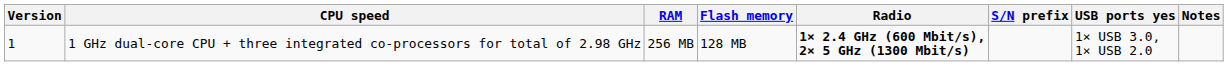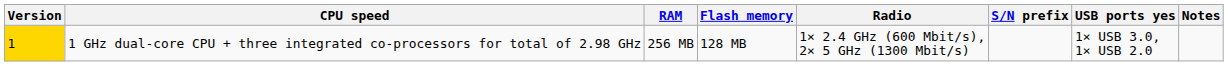 <table class="wikitable">
 <tr>
 <th>Version</th>
 <th>CPU speed</th>
 <th><a href='#'>RAM</a></th>
 <th><a href='#'>Flash memory</a></th>
 <th>Radio</th>
 <th><a href='#'>S/N</a> prefix</th>
 <th>USB ports yes</th>
 <th>Notes</th>
 </tr>
 <tr>
-<td>1</td>
+<td style="background: gold;">1</td>
 <td>1 GHz dual-core CPU + three integrated co-processors for total of 2.98 GHz</td>
 <td>256 MB</td>
 <td>128 MB</td>
-<td><strong>1× 2.4 GHz (600 Mbit/s),<br>2× 5 GHz (1300 Mbit/s)</strong></td>
+<td>1× 2.4 GHz (600 Mbit/s),<br>2× 5 GHz (1300 Mbit/s)</td>
 <td></td>
 <td>1× USB 3.0,<br>1× USB 2.0</td>
 <td></td>
 </tr>
 </table>
